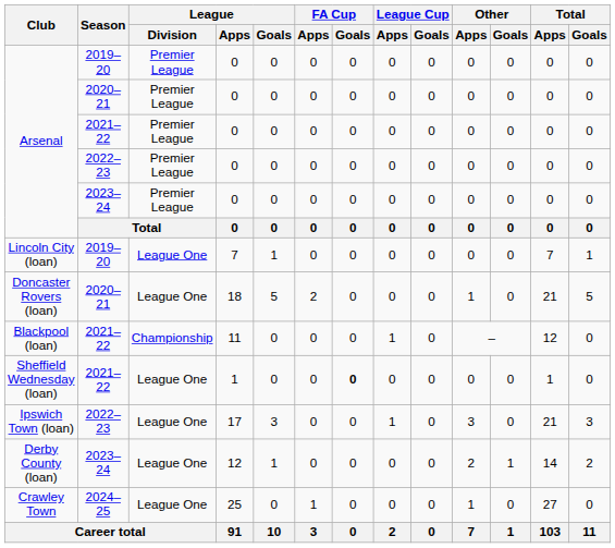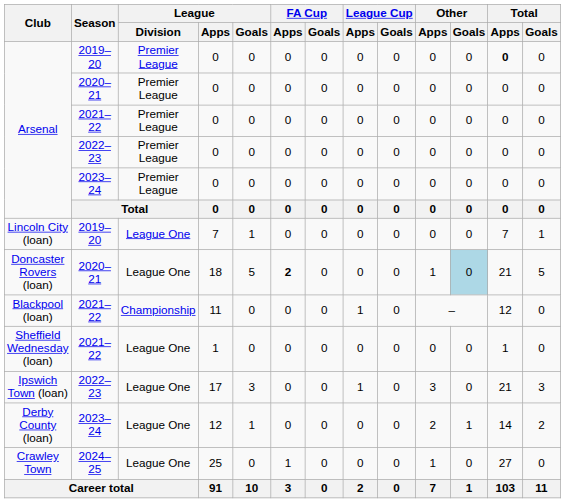 <table class=wikitable style="text-align: center">
 <tr>
 <th rowspan=2>Club</th>
 <th rowspan=2>Season</th>
 <th colspan=3>League</th>
 <th colspan=2><a href='#'>FA Cup</a></th>
 <th colspan=2><a href='#'>League Cup</a></th>
 <th colspan=2>Other</th>
 <th colspan=2>Total</th>
 </tr>
 <tr>
 <th>Division</th>
 <th>Apps</th>
 <th>Goals</th>
 <th>Apps</th>
 <th>Goals</th>
 <th>Apps</th>
 <th>Goals</th>
 <th>Apps</th>
 <th>Goals</th>
 <th>Apps</th>
 <th>Goals</th>
 </tr>
 <tr>
 <td rowspan=6><a href='#'>Arsenal</a></td>
 <td><a href='#'>2019–20</a></td>
 <td><a href='#'>Premier League</a></td>
 <td>0</td>
 <td>0</td>
 <td>0</td>
 <td>0</td>
 <td>0</td>
 <td>0</td>
 <td>0</td>
 <td>0</td>
-<td>0</td>
+<td><strong>0</strong></td>
 <td>0</td>
 </tr>
 <tr>
 <td><a href='#'>2020–21</a></td>
 <td>Premier League</td>
 <td>0</td>
 <td>0</td>
 <td>0</td>
 <td>0</td>
 <td>0</td>
 <td>0</td>
 <td>0</td>
 <td>0</td>
 <td>0</td>
 <td>0</td>
 </tr>
 <tr>
 <td><a href='#'>2021–22</a></td>
 <td>Premier League</td>
 <td>0</td>
 <td>0</td>
 <td>0</td>
 <td>0</td>
 <td>0</td>
 <td>0</td>
 <td>0</td>
 <td>0</td>
 <td>0</td>
 <td>0</td>
 </tr>
 <tr>
 <td><a href='#'>2022–23</a></td>
 <td>Premier League</td>
 <td>0</td>
 <td>0</td>
 <td>0</td>
 <td>0</td>
 <td>0</td>
 <td>0</td>
 <td>0</td>
 <td>0</td>
 <td>0</td>
 <td>0</td>
 </tr>
 <tr>
 <td><a href='#'>2023–24</a></td>
 <td>Premier League</td>
 <td>0</td>
 <td>0</td>
 <td>0</td>
 <td>0</td>
 <td>0</td>
 <td>0</td>
 <td>0</td>
 <td>0</td>
 <td>0</td>
 <td>0</td>
 </tr>
 <tr>
 <th colspan=2>Total</th>
 <th>0</th>
 <th>0</th>
 <th>0</th>
 <th>0</th>
 <th>0</th>
 <th>0</th>
 <th>0</th>
 <th>0</th>
 <th>0</th>
 <th>0</th>
 </tr>
 <tr>
 <td><a href='#'>Lincoln City</a> (loan)</td>
 <td><a href='#'>2019–20</a></td>
 <td><a href='#'>League One</a></td>
 <td>7</td>
 <td>1</td>
 <td>0</td>
 <td>0</td>
 <td>0</td>
 <td>0</td>
 <td>0</td>
 <td>0</td>
 <td>7</td>
 <td>1</td>
 </tr>
 <tr>
 <td><a href='#'>Doncaster Rovers</a> (loan)</td>
 <td><a href='#'>2020–21</a></td>
 <td>League One</td>
 <td>18</td>
 <td>5</td>
-<td>2</td>
+<td><strong>2</strong></td>
 <td>0</td>
 <td>0</td>
 <td>0</td>
 <td>1</td>
-<td>0</td>
+<td style="background: lightblue;">0</td>
 <td>21</td>
 <td>5</td>
 </tr>
 <tr>
 <td><a href='#'>Blackpool</a> (loan)</td>
 <td><a href='#'>2021–22</a></td>
 <td><a href='#'>Championship</a></td>
 <td>11</td>
 <td>0</td>
 <td>0</td>
 <td>0</td>
 <td>1</td>
 <td>0</td>
 <td colspan=2>–</td>
 <td>12</td>
 <td>0</td>
 </tr>
 <tr>
 <td><a href='#'>Sheffield Wednesday</a> (loan)</td>
 <td><a href='#'>2021–22</a></td>
 <td>League One</td>
 <td>1</td>
 <td>0</td>
 <td>0</td>
-<td><strong>0</strong></td>
+<td>0</td>
 <td>0</td>
 <td>0</td>
 <td>0</td>
 <td>0</td>
 <td>1</td>
 <td>0</td>
 </tr>
 <tr>
 <td><a href='#'>Ipswich Town</a> (loan)</td>
 <td><a href='#'>2022–23</a></td>
 <td>League One</td>
 <td>17</td>
 <td>3</td>
 <td>0</td>
 <td>0</td>
 <td>1</td>
 <td>0</td>
 <td>3</td>
 <td>0</td>
 <td>21</td>
 <td>3</td>
 </tr>
 <tr>
 <td><a href='#'>Derby County</a> (loan)</td>
 <td><a href='#'>2023–24</a></td>
 <td>League One</td>
 <td>12</td>
 <td>1</td>
 <td>0</td>
 <td>0</td>
 <td>0</td>
 <td>0</td>
 <td>2</td>
 <td>1</td>
 <td>14</td>
 <td>2</td>
 </tr>
 <tr>
 <td><a href='#'>Crawley Town</a></td>
 <td><a href='#'>2024–25</a></td>
 <td>League One</td>
 <td>25</td>
 <td>0</td>
 <td>1</td>
 <td>0</td>
 <td>0</td>
 <td>0</td>
 <td>1</td>
 <td>0</td>
 <td>27</td>
 <td>0</td>
 </tr>
 <tr>
 <th colspan=3>Career total</th>
 <th>91</th>
 <th>10</th>
 <th>3</th>
 <th>0</th>
 <th>2</th>
 <th>0</th>
 <th>7</th>
 <th>1</th>
 <th>103</th>
 <th>11</th>
 </tr>
 </table>
